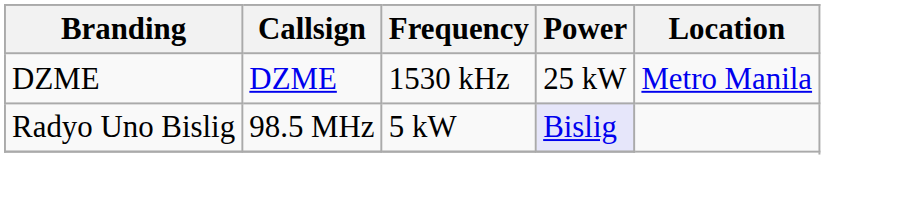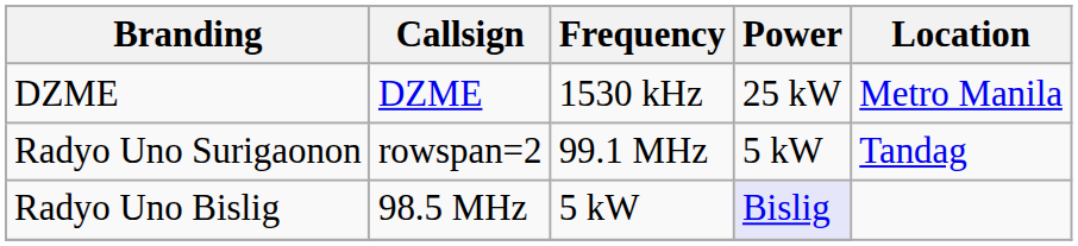 <table class="wikitable">
 <tr>
 <th>Branding</th>
 <th>Callsign</th>
 <th>Frequency</th>
 <th>Power</th>
 <th>Location</th>
 </tr>
 <tr>
 <td>DZME</td>
 <td><a href='#'>DZME</a></td>
 <td>1530 kHz</td>
 <td>25 kW</td>
 <td><a href='#'>Metro Manila</a></td>
 </tr>
 <tr>
+<td>Radyo Uno Surigaonon</td>
+<td>rowspan=2 </td>
+<td>99.1 MHz</td>
+<td>5 kW</td>
+<td><a href='#'>Tandag</a></td>
+</tr>
+<tr>
 <td>Radyo Uno Bislig</td>
 <td>98.5 MHz</td>
 <td>5 kW</td>
 <td style="background: lavender;"><a href='#'>Bislig</a></td>
 </tr>
 <tr>
 </tr>
 </table>
